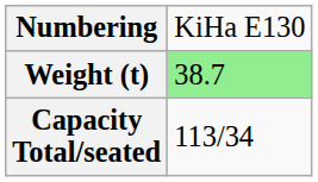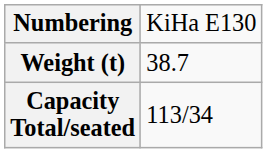 <table class="wikitable">
 <tr>
 <th>Numbering</th>
 <td>KiHa E130</td>
 </tr>
 <tr>
 <th>Weight (t)</th>
-<td style="background: lightgreen;">38.7</td>
+<td>38.7</td>
 </tr>
 <tr>
 <th>Capacity<br>Total/seated</th>
 <td>113/34</td>
 </tr>
 </table>
